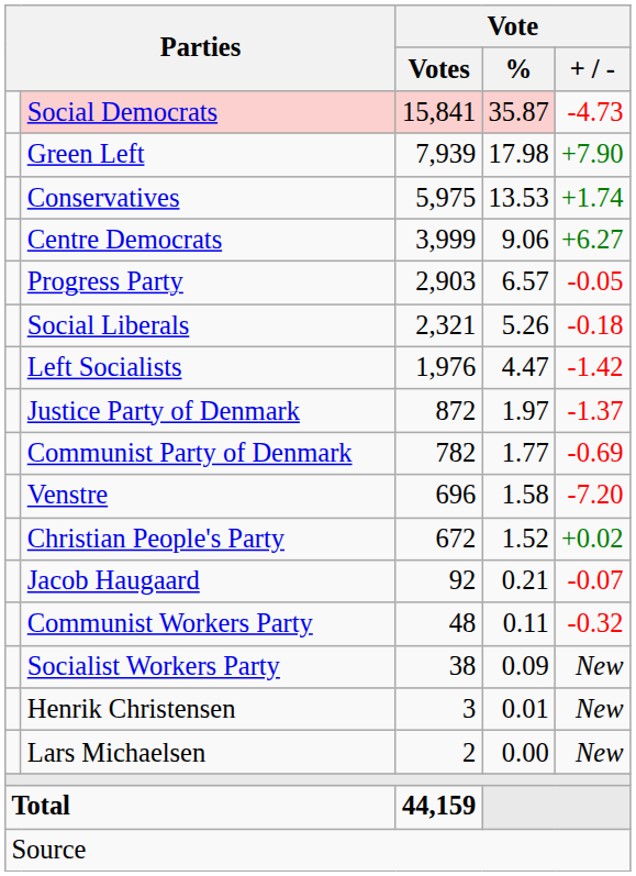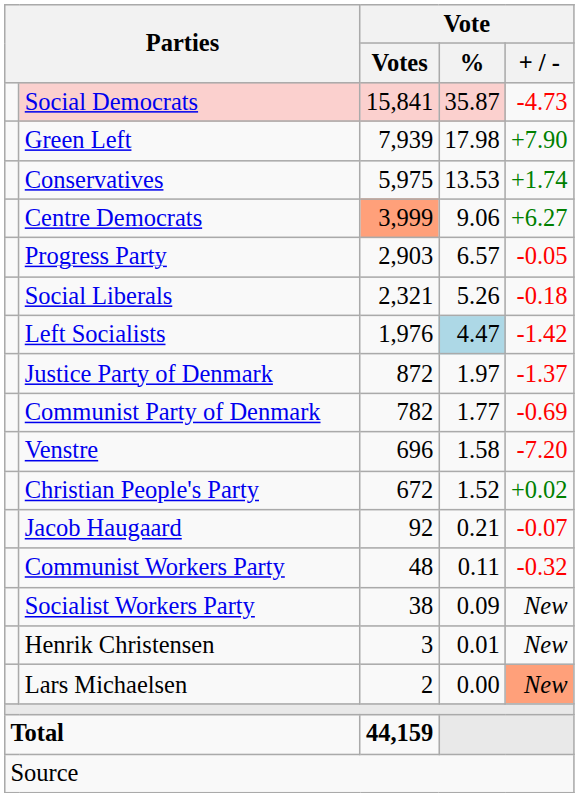 <table class="wikitable" style="text-align:right;">
 <tr>
 <th style="text-align:centre;" rowspan="2" colspan="2" width="225">Parties</th>
 <th colspan="3">Vote</th>
 </tr>
 <tr>
 <th width="15">Votes</th>
 <th width="15">%</th>
 <th width="15">+ / -</th>
 </tr>
 <tr>
 <td width="2" style="color:inherit;background:"></td>
 <td bgcolor=#fbd0ce  align="left"><a href='#'>Social Democrats</a></td>
 <td bgcolor=#fbd0ce>15,841</td>
 <td bgcolor=#fbd0ce>35.87</td>
 <td style=color:red;>-4.73</td>
 </tr>
 <tr>
 <td width="2" style="color:inherit;background:"></td>
 <td align="left"><a href='#'>Green Left</a></td>
 <td>7,939</td>
 <td>17.98</td>
 <td style=color:green;>+7.90</td>
 </tr>
 <tr>
 <td width="2" style="color:inherit;background:"></td>
 <td align="left"><a href='#'>Conservatives</a></td>
 <td>5,975</td>
 <td>13.53</td>
 <td style=color:green;>+1.74</td>
 </tr>
 <tr>
 <td width="2" style="color:inherit;background:"></td>
 <td align="left"><a href='#'>Centre Democrats</a></td>
-<td>3,999</td>
+<td style="background: lightsalmon;">3,999</td>
 <td>9.06</td>
 <td style=color:green;>+6.27</td>
 </tr>
 <tr>
 <td width="2" style="color:inherit;background:"></td>
 <td align="left"><a href='#'>Progress Party</a></td>
 <td>2,903</td>
 <td>6.57</td>
 <td style=color:red;>-0.05</td>
 </tr>
 <tr>
 <td width="2" style="color:inherit;background:"></td>
 <td align="left"><a href='#'>Social Liberals</a></td>
 <td>2,321</td>
 <td>5.26</td>
 <td style=color:red;>-0.18</td>
 </tr>
 <tr>
 <td width="2" style="color:inherit;background:"></td>
 <td align="left"><a href='#'>Left Socialists</a></td>
 <td>1,976</td>
-<td>4.47</td>
+<td style="background: lightblue;">4.47</td>
 <td style=color:red;>-1.42</td>
 </tr>
 <tr>
 <td width="2" style="color:inherit;background:"></td>
 <td align="left"><a href='#'>Justice Party of Denmark</a></td>
 <td>872</td>
 <td>1.97</td>
 <td style=color:red;>-1.37</td>
 </tr>
 <tr>
 <td width="2" style="color:inherit;background:"></td>
 <td align="left"><a href='#'>Communist Party of Denmark</a></td>
 <td>782</td>
 <td>1.77</td>
 <td style=color:red;>-0.69</td>
 </tr>
 <tr>
 <td width="2" style="color:inherit;background:"></td>
 <td align="left"><a href='#'>Venstre</a></td>
 <td>696</td>
 <td>1.58</td>
 <td style=color:red;>-7.20</td>
 </tr>
 <tr>
 <td width="2" style="color:inherit;background:"></td>
 <td align="left"><a href='#'>Christian People's Party</a></td>
 <td>672</td>
 <td>1.52</td>
 <td style=color:green;>+0.02</td>
 </tr>
 <tr>
 <td width="2" style="color:inherit;background:"></td>
 <td align="left"><a href='#'>Jacob Haugaard</a></td>
 <td>92</td>
 <td>0.21</td>
 <td style=color:red;>-0.07</td>
 </tr>
 <tr>
 <td width="2" style="color:inherit;background:"></td>
 <td align="left"><a href='#'>Communist Workers Party</a></td>
 <td>48</td>
 <td>0.11</td>
 <td style=color:red;>-0.32</td>
 </tr>
 <tr>
 <td width="2" style="color:inherit;background:"></td>
 <td align="left"><a href='#'>Socialist Workers Party</a></td>
 <td>38</td>
 <td>0.09</td>
 <td><em>New</em></td>
 </tr>
 <tr>
 <td width="2" style="color:inherit;background:"></td>
 <td align="left">Henrik Christensen</td>
 <td>3</td>
 <td>0.01</td>
 <td><em>New</em></td>
 </tr>
 <tr>
 <td width="2" style="color:inherit;background:"></td>
 <td align="left">Lars Michaelsen</td>
 <td>2</td>
 <td>0.00</td>
-<td><em>New</em></td>
+<td style="background: lightsalmon;"><em>New</em></td>
 </tr>
 <tr>
 <td colspan="7" bgcolor="#E9E9E9"></td>
 </tr>
 <tr>
 <td align="left" colspan="2"><strong>Total</strong></td>
 <td><strong>44,159</strong></td>
 <td bgcolor="#E9E9E9" colspan="2"></td>
 </tr>
 <tr>
 <td align="left" colspan="6">Source</td>
 </tr>
 </table>
